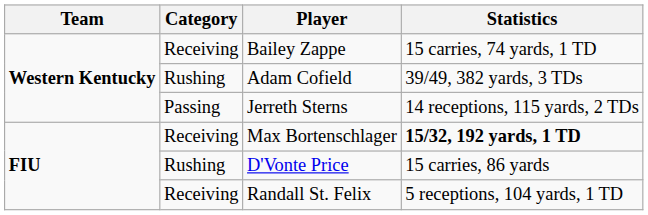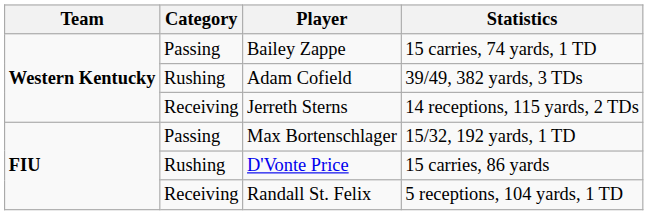 <table class="wikitable" style="float: left;">
 <tr>
 <th>Team</th>
 <th>Category</th>
 <th>Player</th>
 <th>Statistics</th>
 </tr>
 <tr>
 <td rowspan=3><strong>Western Kentucky</strong></td>
-<td>Receiving</td>
+<td>Passing</td>
 <td>Bailey Zappe</td>
 <td>15 carries, 74 yards, 1 TD</td>
 </tr>
 <tr>
 <td>Rushing</td>
 <td>Adam Cofield</td>
 <td>39/49, 382 yards, 3 TDs</td>
 </tr>
 <tr>
-<td>Passing</td>
+<td>Receiving</td>
 <td>Jerreth Sterns</td>
 <td>14 receptions, 115 yards, 2 TDs</td>
 </tr>
 <tr>
 <td rowspan=3><strong>FIU</strong></td>
-<td>Receiving</td>
+<td>Passing</td>
 <td>Max Bortenschlager</td>
-<td><strong>15/32, 192 yards, 1 TD</strong></td>
+<td>15/32, 192 yards, 1 TD</td>
 </tr>
 <tr>
 <td>Rushing</td>
 <td><a href='#'>D'Vonte Price</a></td>
 <td>15 carries, 86 yards</td>
 </tr>
 <tr>
 <td>Receiving</td>
 <td>Randall St. Felix</td>
 <td>5 receptions, 104 yards, 1 TD</td>
 </tr>
 </table>
